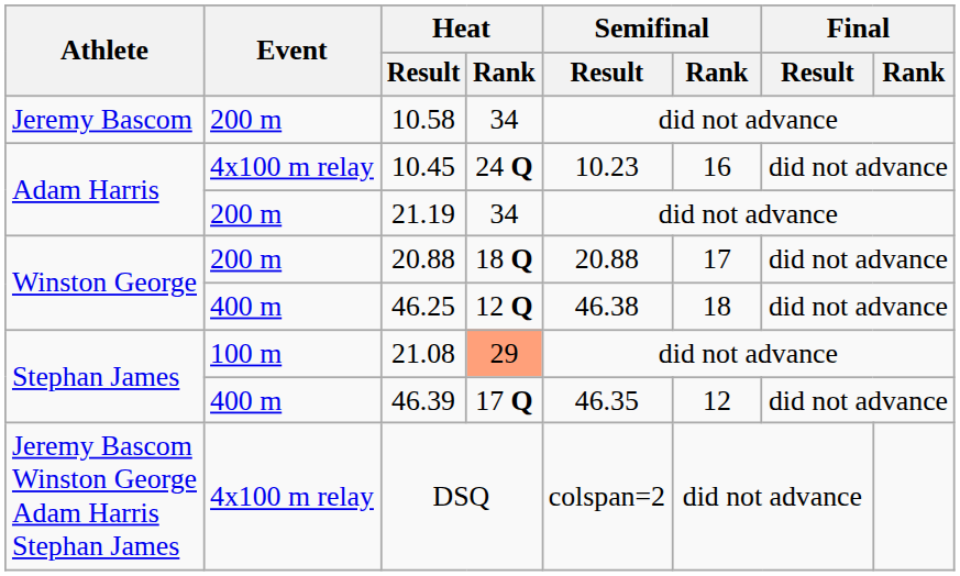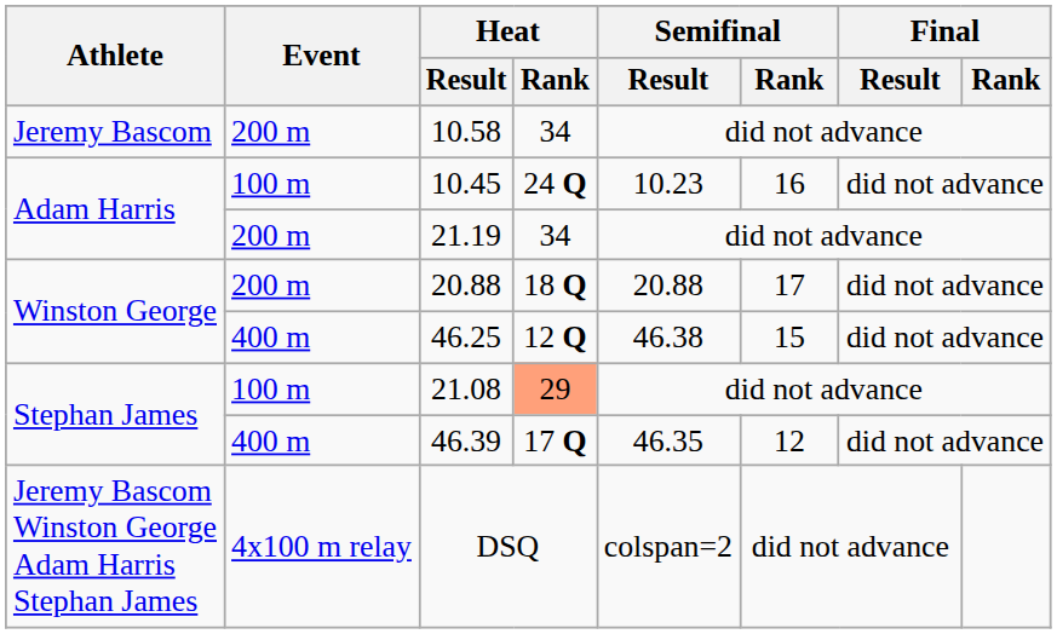 <table class="wikitable" style="font-size:90%">
 <tr>
 <th rowspan=2>Athlete</th>
 <th rowspan=2>Event</th>
 <th colspan=2>Heat</th>
 <th colspan=2>Semifinal</th>
 <th colspan=2>Final</th>
 </tr>
 <tr style="font-size:95%">
 <th>Result</th>
 <th>Rank</th>
 <th>Result</th>
 <th>Rank</th>
 <th>Result</th>
 <th>Rank</th>
 </tr>
 <tr align=center>
 <td align=left><a href='#'>Jeremy Bascom</a></td>
 <td align=left><a href='#'>200 m</a></td>
 <td>10.58</td>
 <td>34</td>
 <td colspan=4>did not advance</td>
 </tr>
 <tr align=center>
 <td align=left rowspan=2><a href='#'>Adam Harris</a></td>
-<td align=left><a href='#'>4x100 m relay</a></td>
+<td align=left><a href='#'>100 m</a></td>
 <td>10.45</td>
 <td>24 <strong>Q</strong></td>
 <td>10.23</td>
 <td>16</td>
 <td colspan=2>did not advance</td>
 </tr>
 <tr align=center>
 <td align=left><a href='#'>200 m</a></td>
 <td>21.19</td>
 <td>34</td>
 <td colspan=4>did not advance</td>
 </tr>
 <tr align=center>
 <td align=left rowspan=2><a href='#'>Winston George</a></td>
 <td align=left><a href='#'>200 m</a></td>
 <td>20.88</td>
 <td>18 <strong>Q</strong></td>
 <td>20.88</td>
 <td>17</td>
 <td colspan=2>did not advance</td>
 </tr>
 <tr align=center>
 <td align=left><a href='#'>400 m</a></td>
 <td>46.25</td>
 <td>12 <strong>Q</strong></td>
 <td>46.38</td>
-<td>18</td>
+<td>15</td>
 <td colspan=2>did not advance</td>
 </tr>
 <tr align=center>
 <td align=left rowspan=2><a href='#'>Stephan James</a></td>
 <td align=left><a href='#'>100 m</a></td>
 <td>21.08</td>
 <td style="background: lightsalmon;">29</td>
 <td colspan=4>did not advance</td>
 </tr>
 <tr align=center>
 <td align=left><a href='#'>400 m</a></td>
 <td>46.39</td>
 <td>17 <strong>Q</strong></td>
 <td>46.35</td>
 <td>12</td>
 <td colspan=2>did not advance</td>
 </tr>
 <tr align=center>
 <td align=left><a href='#'>Jeremy Bascom</a><br><a href='#'>Winston George</a><br><a href='#'>Adam Harris</a><br><a href='#'>Stephan James</a></td>
 <td align=left><a href='#'>4x100 m relay</a></td>
 <td colspan=2>DSQ</td>
 <td>colspan=2 </td>
 <td colspan=2>did not advance</td>
 </tr>
 </table>
